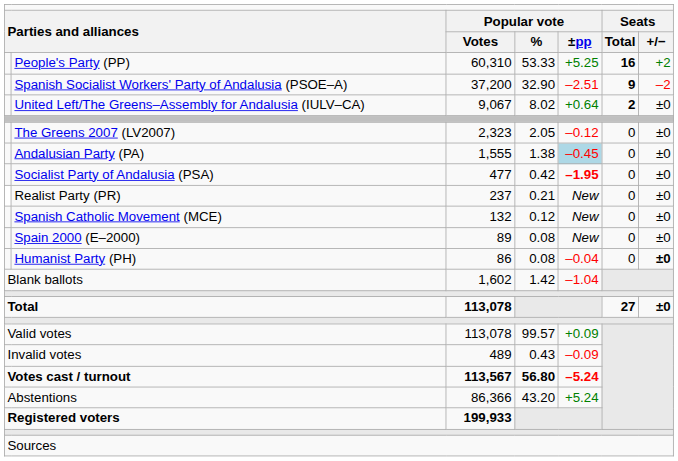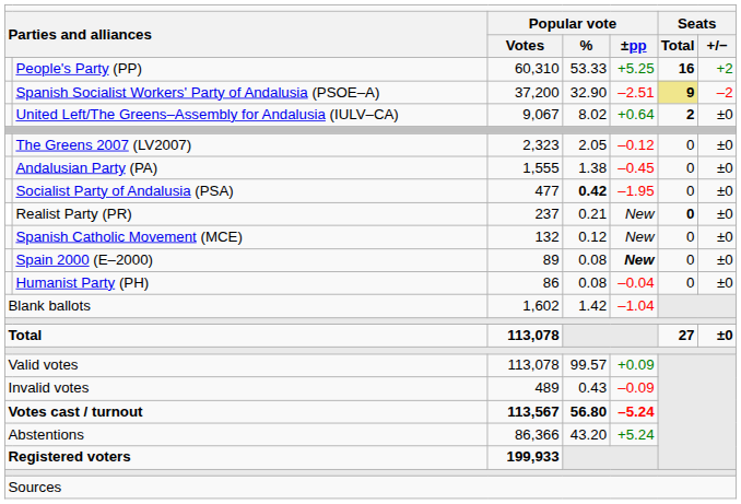 <table class="wikitable" style="text-align:right;">
 <tr>
 <td colspan="7"></td>
 </tr>
 <tr>
 <th style="text-align:left;" rowspan="2" colspan="2" width="525">Parties and alliances</th>
 <th colspan="3">Popular vote</th>
 <th colspan="2">Seats</th>
 </tr>
 <tr>
 <th width="75">Votes</th>
 <th width="45">%</th>
 <th width="45">±<a href='#'>pp</a></th>
 <th width="35">Total</th>
 <th width="35">+/−</th>
 </tr>
 <tr>
 <td width="1" style="color:inherit;background:"></td>
 <td align="left"><a href='#'>People's Party</a> (PP)</td>
 <td>60,310</td>
 <td>53.33</td>
 <td style="color:green;">+5.25</td>
 <td><strong>16</strong></td>
 <td style="color:green;">+2</td>
 </tr>
 <tr>
 <td style="color:inherit;background:"></td>
 <td align="left"><a href='#'>Spanish Socialist Workers' Party of Andalusia</a> (PSOE–A)</td>
 <td>37,200</td>
 <td>32.90</td>
 <td style="color:red;">–2.51</td>
-<td><strong>9</strong></td>
+<td style="background: khaki;"><strong>9</strong></td>
 <td style="color:red;">–2</td>
 </tr>
 <tr>
 <td style="color:inherit;background:"></td>
 <td align="left"><a href='#'>United Left/The Greens–Assembly for Andalusia</a> (IULV–CA)</td>
 <td>9,067</td>
 <td>8.02</td>
 <td style="color:green;">+0.64</td>
 <td><strong>2</strong></td>
 <td>±0</td>
 </tr>
 <tr>
 <td colspan="7" bgcolor="#C0C0C0"></td>
 </tr>
 <tr>
 <td style="color:inherit;background:"></td>
 <td align="left"><a href='#'>The Greens 2007</a> (LV2007)</td>
 <td>2,323</td>
 <td>2.05</td>
 <td style="color:red;">–0.12</td>
 <td>0</td>
 <td>±0</td>
 </tr>
 <tr>
 <td style="color:inherit;background:"></td>
 <td align="left"><a href='#'>Andalusian Party</a> (PA)</td>
 <td>1,555</td>
 <td>1.38</td>
-<td style="background: lightblue; color:red;">–0.45</td>
+<td style="color:red;">–0.45</td>
 <td>0</td>
 <td>±0</td>
 </tr>
 <tr>
 <td style="color:inherit;background:"></td>
 <td align="left"><a href='#'>Socialist Party of Andalusia</a> (PSA)</td>
 <td>477</td>
-<td>0.42</td>
-<td style="color:red;"><strong>–1.95</strong></td>
+<td><strong>0.42</strong></td>
+<td style="color:red;">–1.95</td>
 <td>0</td>
 <td>±0</td>
 </tr>
 <tr>
 <td bgcolor="white"></td>
 <td align="left">Realist Party (PR)</td>
 <td>237</td>
 <td>0.21</td>
 <td><em>New</em></td>
-<td>0</td>
+<td><strong>0</strong></td>
 <td>±0</td>
 </tr>
 <tr>
 <td style="color:inherit;background:"></td>
 <td align="left"><a href='#'>Spanish Catholic Movement</a> (MCE)</td>
 <td>132</td>
 <td>0.12</td>
 <td><em>New</em></td>
 <td>0</td>
 <td>±0</td>
 </tr>
 <tr>
 <td style="color:inherit;background:"></td>
 <td align="left"><a href='#'>Spain 2000</a> (E–2000)</td>
 <td>89</td>
 <td>0.08</td>
-<td><em>New</em></td>
+<td><strong><em>New</em></strong></td>
 <td>0</td>
 <td>±0</td>
 </tr>
 <tr>
 <td style="color:inherit;background:"></td>
 <td align="left"><a href='#'>Humanist Party</a> (PH)</td>
 <td>86</td>
 <td>0.08</td>
 <td style="color:red;">–0.04</td>
 <td>0</td>
-<td><strong>±0</strong></td>
+<td>±0</td>
 </tr>
 <tr>
 <td align="left" colspan="2">Blank ballots</td>
 <td>1,602</td>
 <td>1.42</td>
 <td style="color:red;">–1.04</td>
 <td bgcolor="#E9E9E9" colspan="2"></td>
 </tr>
 <tr>
 <td colspan="7" bgcolor="#E9E9E9"></td>
 </tr>
 <tr style="font-weight:bold;">
 <td align="left" colspan="2">Total</td>
 <td>113,078</td>
 <td bgcolor="#E9E9E9" colspan="2"></td>
 <td>27</td>
 <td>±0</td>
 </tr>
 <tr>
 <td colspan="7" bgcolor="#E9E9E9"></td>
 </tr>
 <tr>
 <td align="left" colspan="2">Valid votes</td>
 <td>113,078</td>
 <td>99.57</td>
 <td style="color:green;">+0.09</td>
 <td bgcolor="#E9E9E9" colspan="2" rowspan="5"></td>
 </tr>
 <tr>
 <td align="left" colspan="2">Invalid votes</td>
 <td>489</td>
 <td>0.43</td>
 <td style="color:red;">–0.09</td>
 </tr>
 <tr style="font-weight:bold;">
 <td align="left" colspan="2">Votes cast / turnout</td>
 <td>113,567</td>
 <td>56.80</td>
 <td style="color:red;">–5.24</td>
 </tr>
 <tr>
 <td align="left" colspan="2">Abstentions</td>
 <td>86,366</td>
 <td>43.20</td>
 <td style="color:green;">+5.24</td>
 </tr>
 <tr style="font-weight:bold;">
 <td align="left" colspan="2">Registered voters</td>
 <td>199,933</td>
 <td bgcolor="#E9E9E9" colspan="2"></td>
 </tr>
 <tr>
 <td colspan="7" bgcolor="#E9E9E9"></td>
 </tr>
 <tr>
 <td align="left" colspan="7">Sources</td>
 </tr>
 </table>
